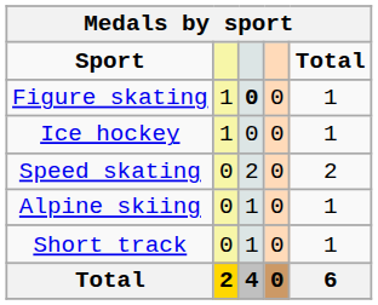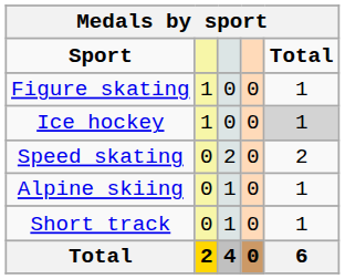 <table class="wikitable" style="font-size:85%; float:right;">
 <tr style="background:#efefef;">
 <th colspan=7><strong>Medals by sport</strong></th>
 </tr>
 <tr align=center>
 <td><strong>Sport</strong></td>
 <td style="background:#f7f6a8;"></td>
 <td style="background:#dce5e5;"></td>
 <td style="background:#ffdab9;"></td>
 <td><strong>Total</strong></td>
 </tr>
 <tr align=center>
 <td><a href='#'>Figure skating</a></td>
 <td style="background:#f7f6a8;">1</td>
-<td style="background:#dce5e5;"><strong>0</strong></td>
+<td style="background:#dce5e5;">0</td>
 <td style="background:#ffdab9;">0</td>
 <td>1</td>
 </tr>
 <tr align=center>
 <td><a href='#'>Ice hockey</a></td>
 <td style="background:#f7f6a8;">1</td>
 <td style="background:#dce5e5;">0</td>
 <td style="background:#ffdab9;">0</td>
-<td>1</td>
+<td style="background: lightgrey;">1</td>
 </tr>
 <tr align=center>
 <td><a href='#'>Speed skating</a></td>
 <td style="background:#f7f6a8;">0</td>
 <td style="background:#dce5e5;">2</td>
 <td style="background:#ffdab9;">0</td>
 <td>2</td>
 </tr>
 <tr align=center>
 <td><a href='#'>Alpine skiing</a></td>
 <td style="background:#f7f6a8;">0</td>
 <td style="background:#dce5e5;">1</td>
 <td style="background:#ffdab9;">0</td>
 <td>1</td>
 </tr>
 <tr align=center>
 <td><a href='#'>Short track</a></td>
 <td style="background:#f7f6a8;">0</td>
 <td style="background:#dce5e5;">1</td>
 <td style="background:#ffdab9;">0</td>
 <td>1</td>
 </tr>
 <tr align=center>
 <th><strong>Total</strong></th>
 <th style="background:gold;"><strong>2</strong></th>
 <th style="background:silver;"><strong>4</strong></th>
 <th style="background:#c96;"><strong>0</strong></th>
 <th><strong>6</strong></th>
 </tr>
 </table>
